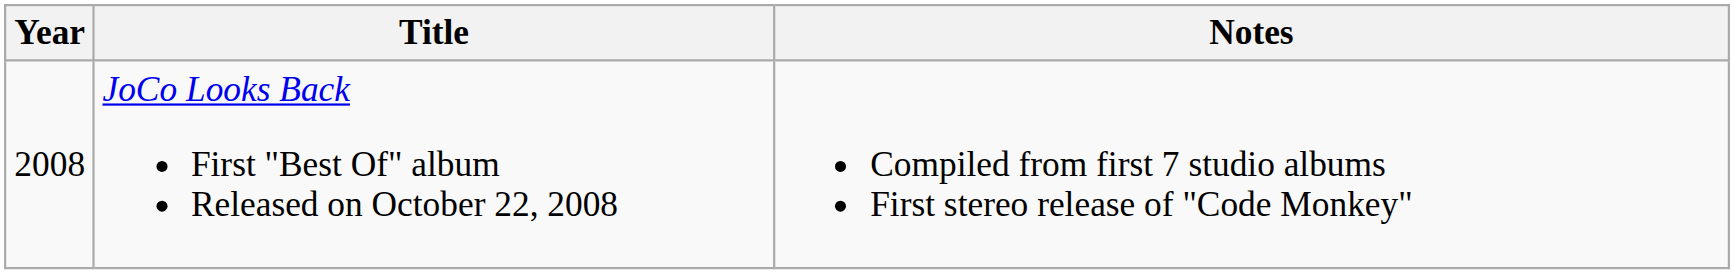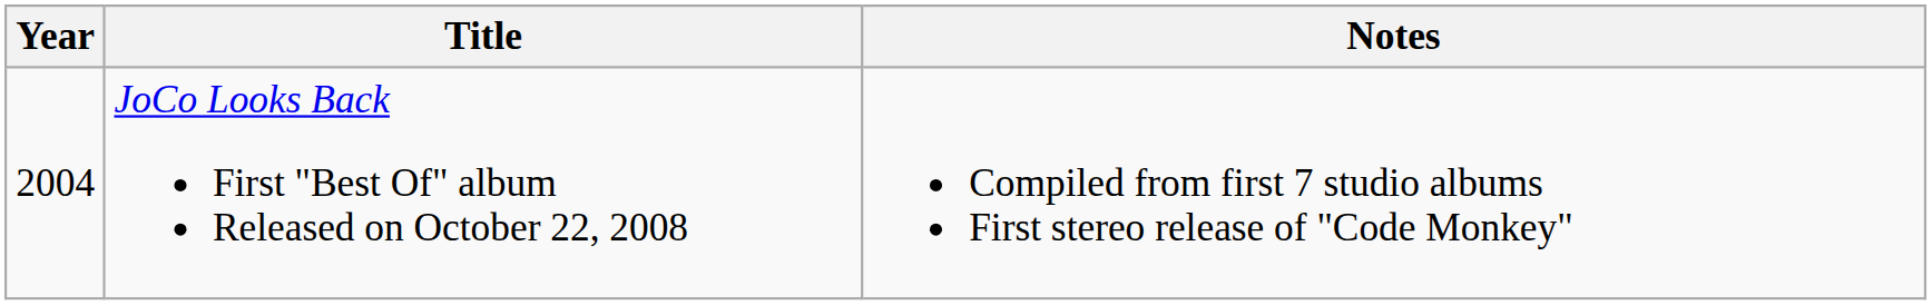 <table class="wikitable">
 <tr>
 <th style="width:33px;">Year</th>
 <th style="width:300px;">Title</th>
 <th style="width:425px;">Notes</th>
 </tr>
 <tr>
-<td style="text-align:center;">2008</td>
+<td style="text-align:center;">2004</td>
 <td><em><a href='#'>JoCo Looks Back</a></em><br><ul><li>First "Best Of" album</li><li>Released on October 22, 2008</li></ul></td>
 <td><br><ul><li>Compiled from first 7 studio albums</li><li>First stereo release of "Code Monkey"</li></ul></td>
 </tr>
 </table>
